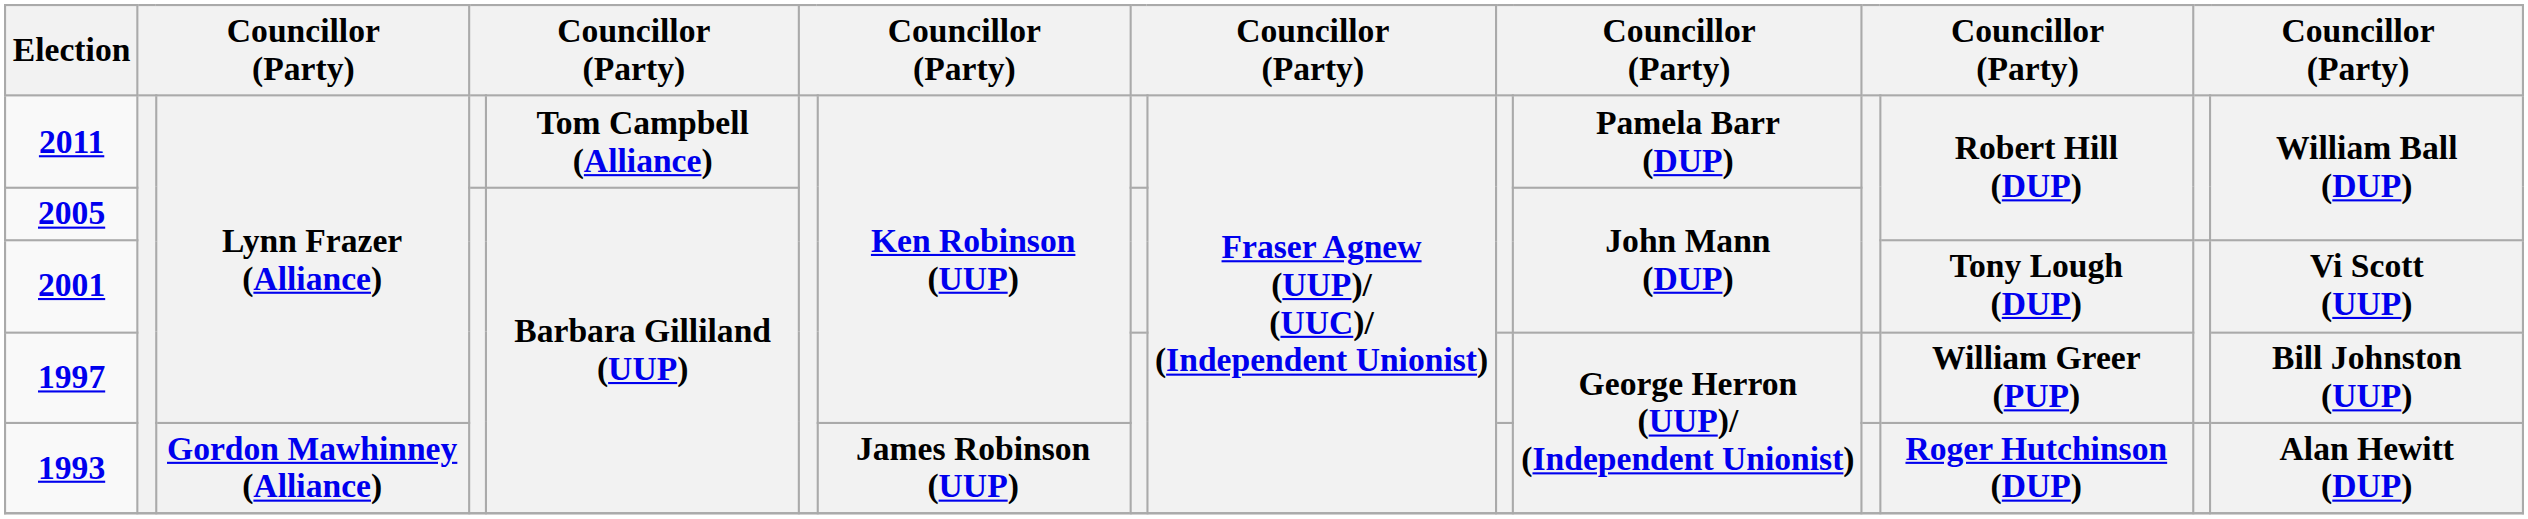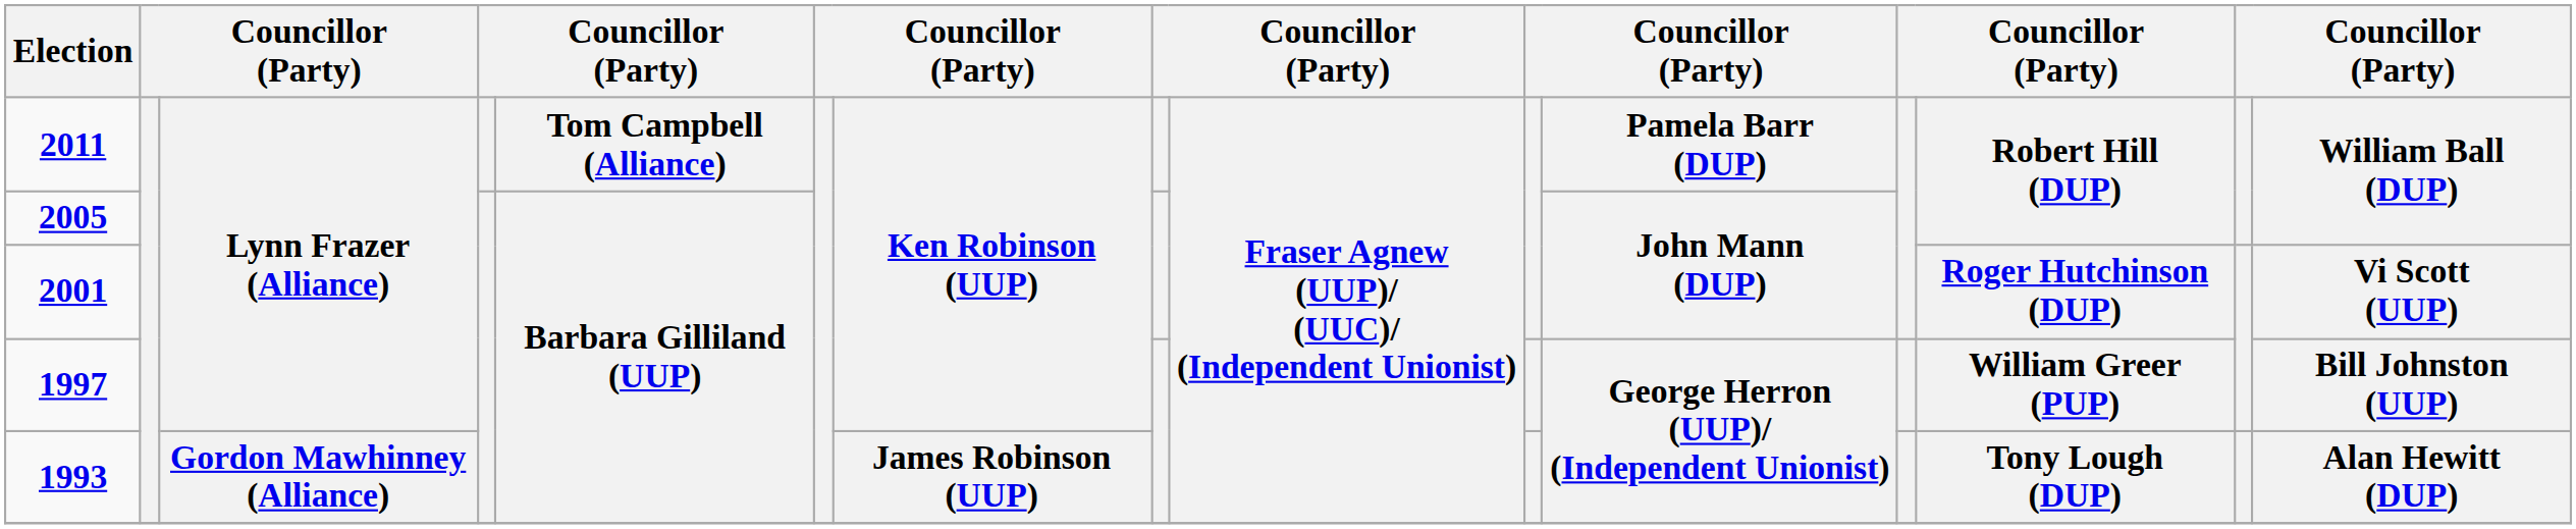 <table class="wikitable" style="text-align:center">
 <tr>
 <th scope="col" width="50">Election</th>
 <th scope="col" width="150" colspan = "2">Councillor<br> (Party)</th>
 <th scope="col" width="150" colspan = "2">Councillor<br> (Party)</th>
 <th scope="col" width="150" colspan = "2">Councillor<br> (Party)</th>
 <th scope="col" width="150" colspan = "2">Councillor<br> (Party)</th>
 <th scope="col" width="150" colspan = "2">Councillor<br> (Party)</th>
 <th scope="col" width="150" colspan = "2">Councillor<br> (Party)</th>
 <th scope="col" width="150" colspan = "2">Councillor<br> (Party)</th>
 </tr>
 <tr>
 <td><strong><a href='#'>2011</a></strong></td>
 <th rowspan="5" width="1" style="background-color: "></th>
 <th rowspan = "4">Lynn Frazer <br> (<a href='#'>Alliance</a>)</th>
 <th rowspan="1" width="1" style="background-color: "></th>
 <th rowspan = "1">Tom Campbell <br> (<a href='#'>Alliance</a>)</th>
 <th rowspan="5" width="1" style="background-color: "></th>
 <th rowspan = "4"><a href='#'>Ken Robinson</a> <br> (<a href='#'>UUP</a>)</th>
 <th rowspan="1" width="1" style="background-color: "></th>
 <th rowspan = "5"><a href='#'>Fraser Agnew</a> <br> (<a href='#'>UUP</a>)/ <br> (<a href='#'>UUC</a>)/ <br> (<a href='#'>Independent Unionist</a>)</th>
 <th rowspan="3" width="1" style="background-color: "></th>
 <th rowspan = "1">Pamela Barr <br> (<a href='#'>DUP</a>)</th>
 <th rowspan="3" width="1" style="background-color: "></th>
 <th rowspan = "2">Robert Hill <br> (<a href='#'>DUP</a>)</th>
 <th rowspan="2" width="1" style="background-color: "></th>
 <th rowspan = "2">William Ball <br> (<a href='#'>DUP</a>)</th>
 </tr>
 <tr>
 <td><strong><a href='#'>2005</a></strong></td>
 <th rowspan="4" width="1" style="background-color: "></th>
 <th rowspan = "4">Barbara Gilliland <br> (<a href='#'>UUP</a>)</th>
 <th rowspan="2" width="1" style="background-color: "></th>
 <th rowspan = "2">John Mann <br> (<a href='#'>DUP</a>)</th>
 </tr>
 <tr>
 <td><strong><a href='#'>2001</a></strong></td>
-<th rowspan = "1">Tony Lough <br> (<a href='#'>DUP</a>)</th>
+<th rowspan = "1"><a href='#'>Roger Hutchinson</a> <br> (<a href='#'>DUP</a>)</th>
 <th rowspan="2" width="1" style="background-color: "></th>
 <th rowspan = "1">Vi Scott <br> (<a href='#'>UUP</a>)</th>
 </tr>
 <tr>
 <td><strong><a href='#'>1997</a></strong></td>
 <th rowspan="2" width="1" style="background-color: "></th>
 <th rowspan="1" width="1" style="background-color: "></th>
 <th rowspan = "2">George Herron <br> (<a href='#'>UUP</a>)/ <br> (<a href='#'>Independent Unionist</a>)</th>
 <th rowspan="1" width="1" style="background-color: "></th>
 <th rowspan = "1">William Greer <br> (<a href='#'>PUP</a>)</th>
 <th rowspan = "1">Bill Johnston <br> (<a href='#'>UUP</a>)</th>
 </tr>
 <tr>
 <td><strong><a href='#'>1993</a></strong></td>
 <th rowspan = "1"><a href='#'>Gordon Mawhinney</a> <br> (<a href='#'>Alliance</a>)</th>
 <th rowspan = "1">James Robinson <br> (<a href='#'>UUP</a>)</th>
 <th rowspan="1" width="1" style="background-color: "></th>
 <th rowspan="1" width="1" style="background-color: "></th>
-<th rowspan = "1"><a href='#'>Roger Hutchinson</a> <br> (<a href='#'>DUP</a>)</th>
+<th rowspan = "1">Tony Lough <br> (<a href='#'>DUP</a>)</th>
 <th rowspan="1" width="1" style="background-color: "></th>
 <th rowspan = "1">Alan Hewitt <br> (<a href='#'>DUP</a>)</th>
 </tr>
 <tr>
 </tr>
 </table>
